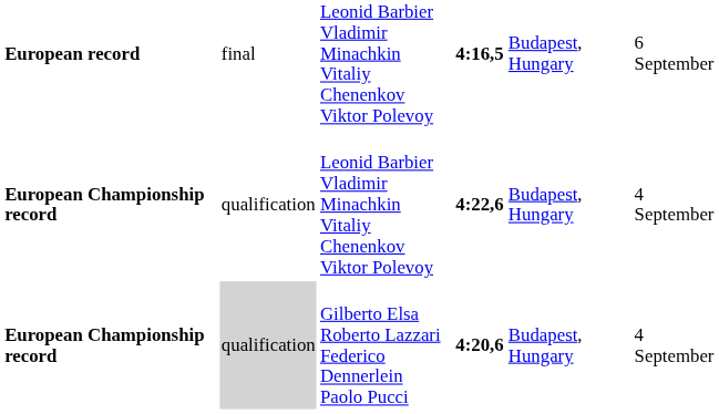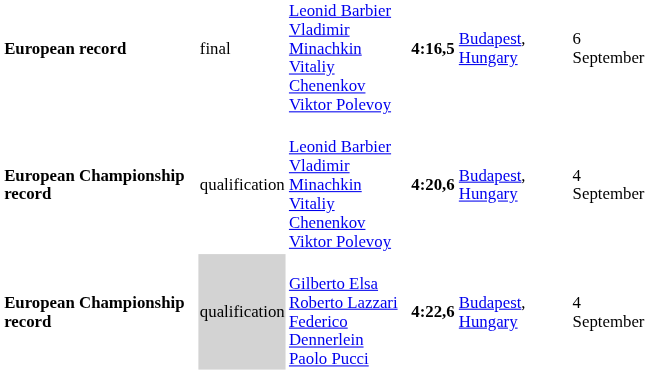 <table>
 <tr>
 <td><strong>European record</strong></td>
 <td>final</td>
 <td><br><a href='#'>Leonid Barbier</a><br><a href='#'>Vladimir Minachkin</a><br><a href='#'>Vitaliy Chenenkov</a><br><a href='#'>Viktor Polevoy</a></td>
 <td><strong>4:16,5 </strong></td>
 <td><a href='#'>Budapest</a>, <a href='#'>Hungary</a></td>
 <td>6 September</td>
 </tr>
 <tr>
 <td><strong>European Championship record</strong></td>
 <td>qualification</td>
 <td><br><a href='#'>Leonid Barbier</a><br><a href='#'>Vladimir Minachkin</a><br><a href='#'>Vitaliy Chenenkov</a><br><a href='#'>Viktor Polevoy</a></td>
-<td><strong>4:22,6 </strong></td>
+<td><strong>4:20,6 </strong></td>
 <td><a href='#'>Budapest</a>, <a href='#'>Hungary</a></td>
 <td>4 September</td>
 </tr>
 <tr>
 <td><strong>European Championship record</strong></td>
 <td style="background: lightgrey;">qualification</td>
 <td><br><a href='#'>Gilberto Elsa</a><br><a href='#'>Roberto Lazzari</a><br><a href='#'>Federico Dennerlein</a><br><a href='#'>Paolo Pucci</a></td>
-<td><strong>4:20,6 </strong></td>
+<td><strong>4:22,6 </strong></td>
 <td><a href='#'>Budapest</a>, <a href='#'>Hungary</a></td>
 <td>4 September</td>
 </tr>
 <tr>
 </tr>
 </table>
